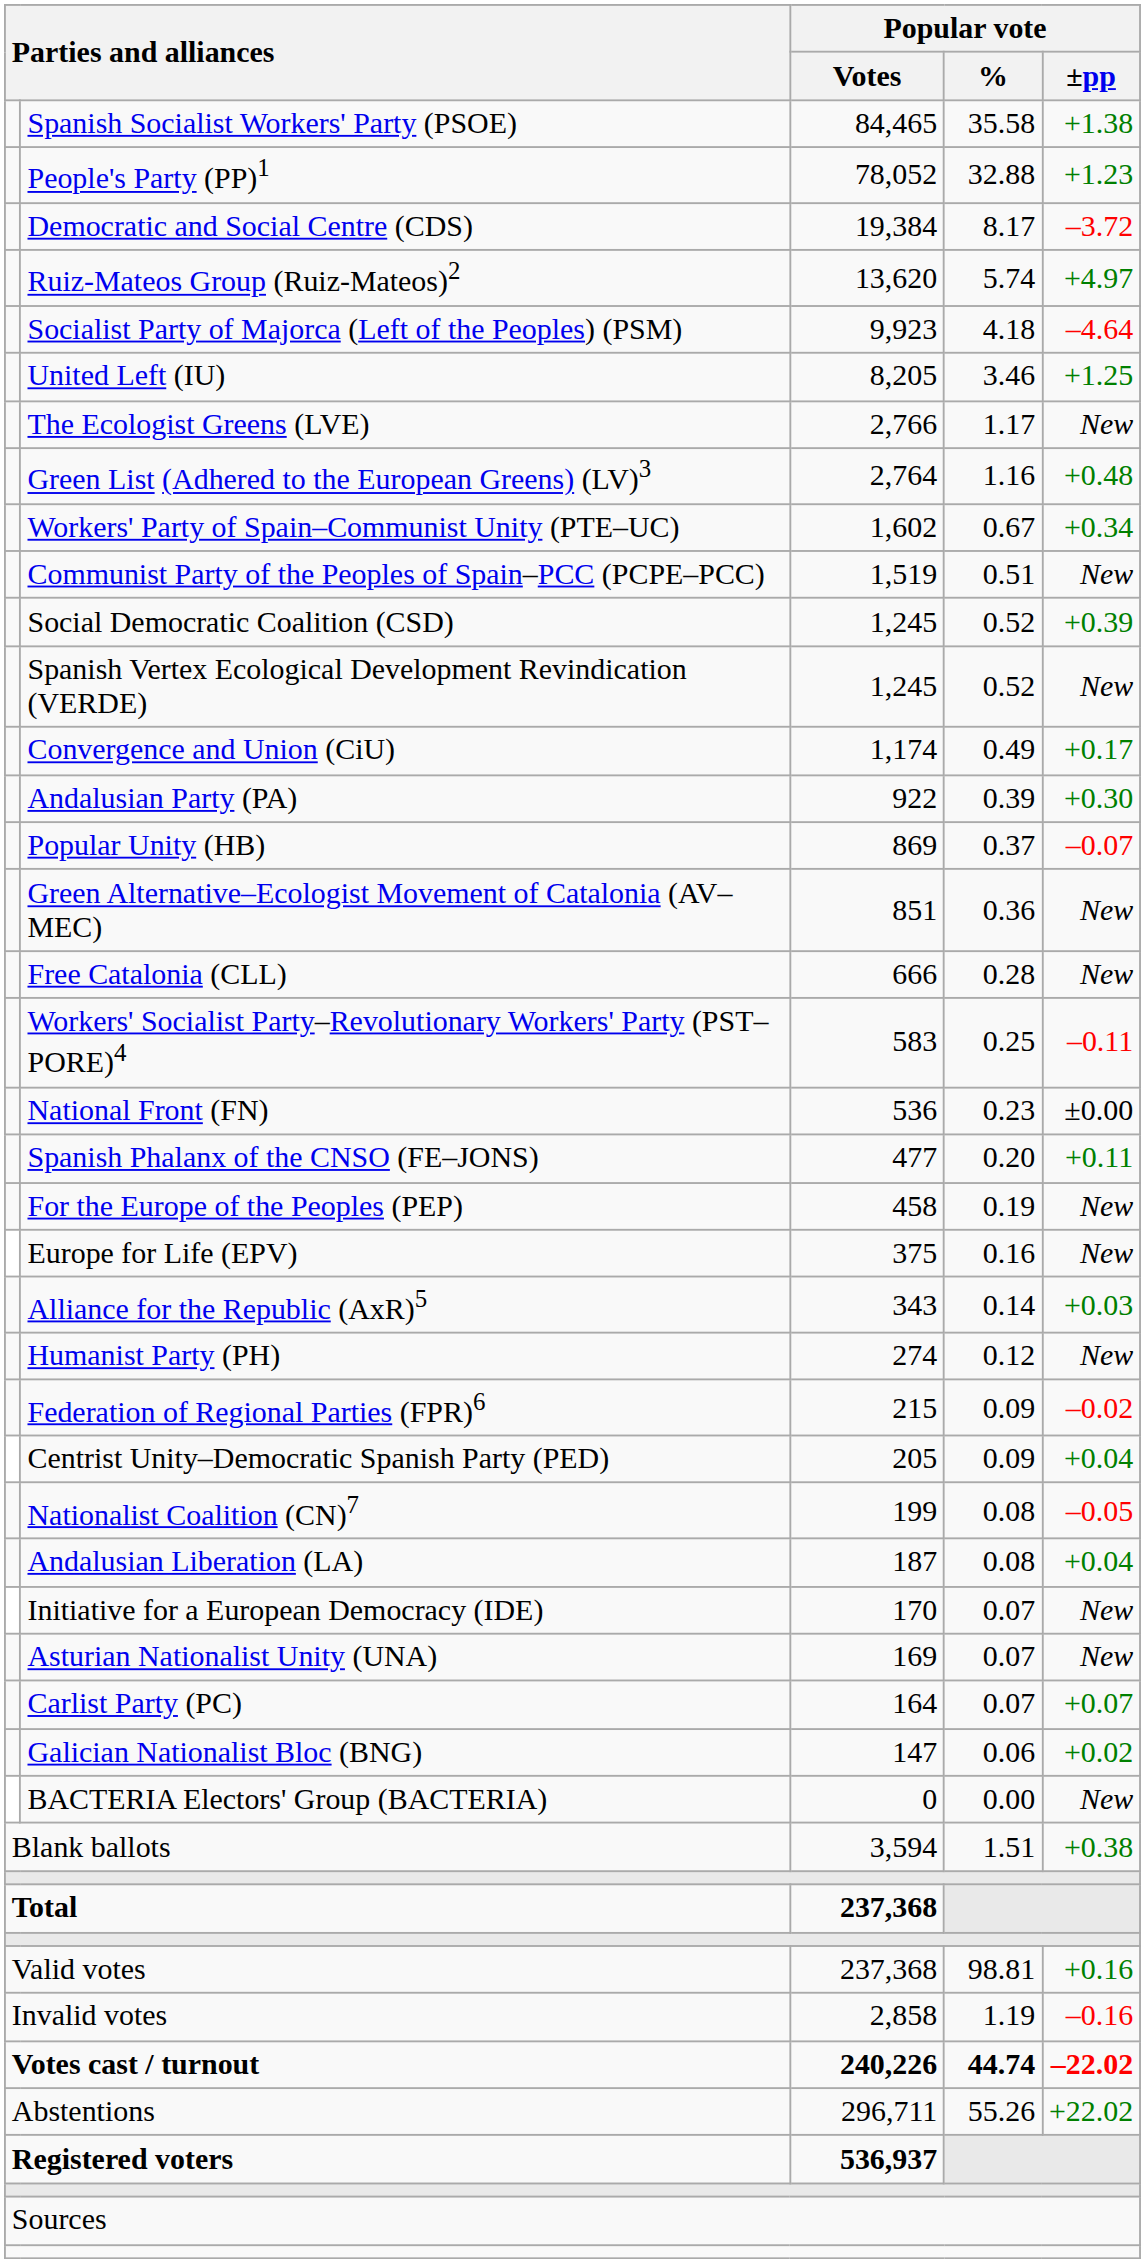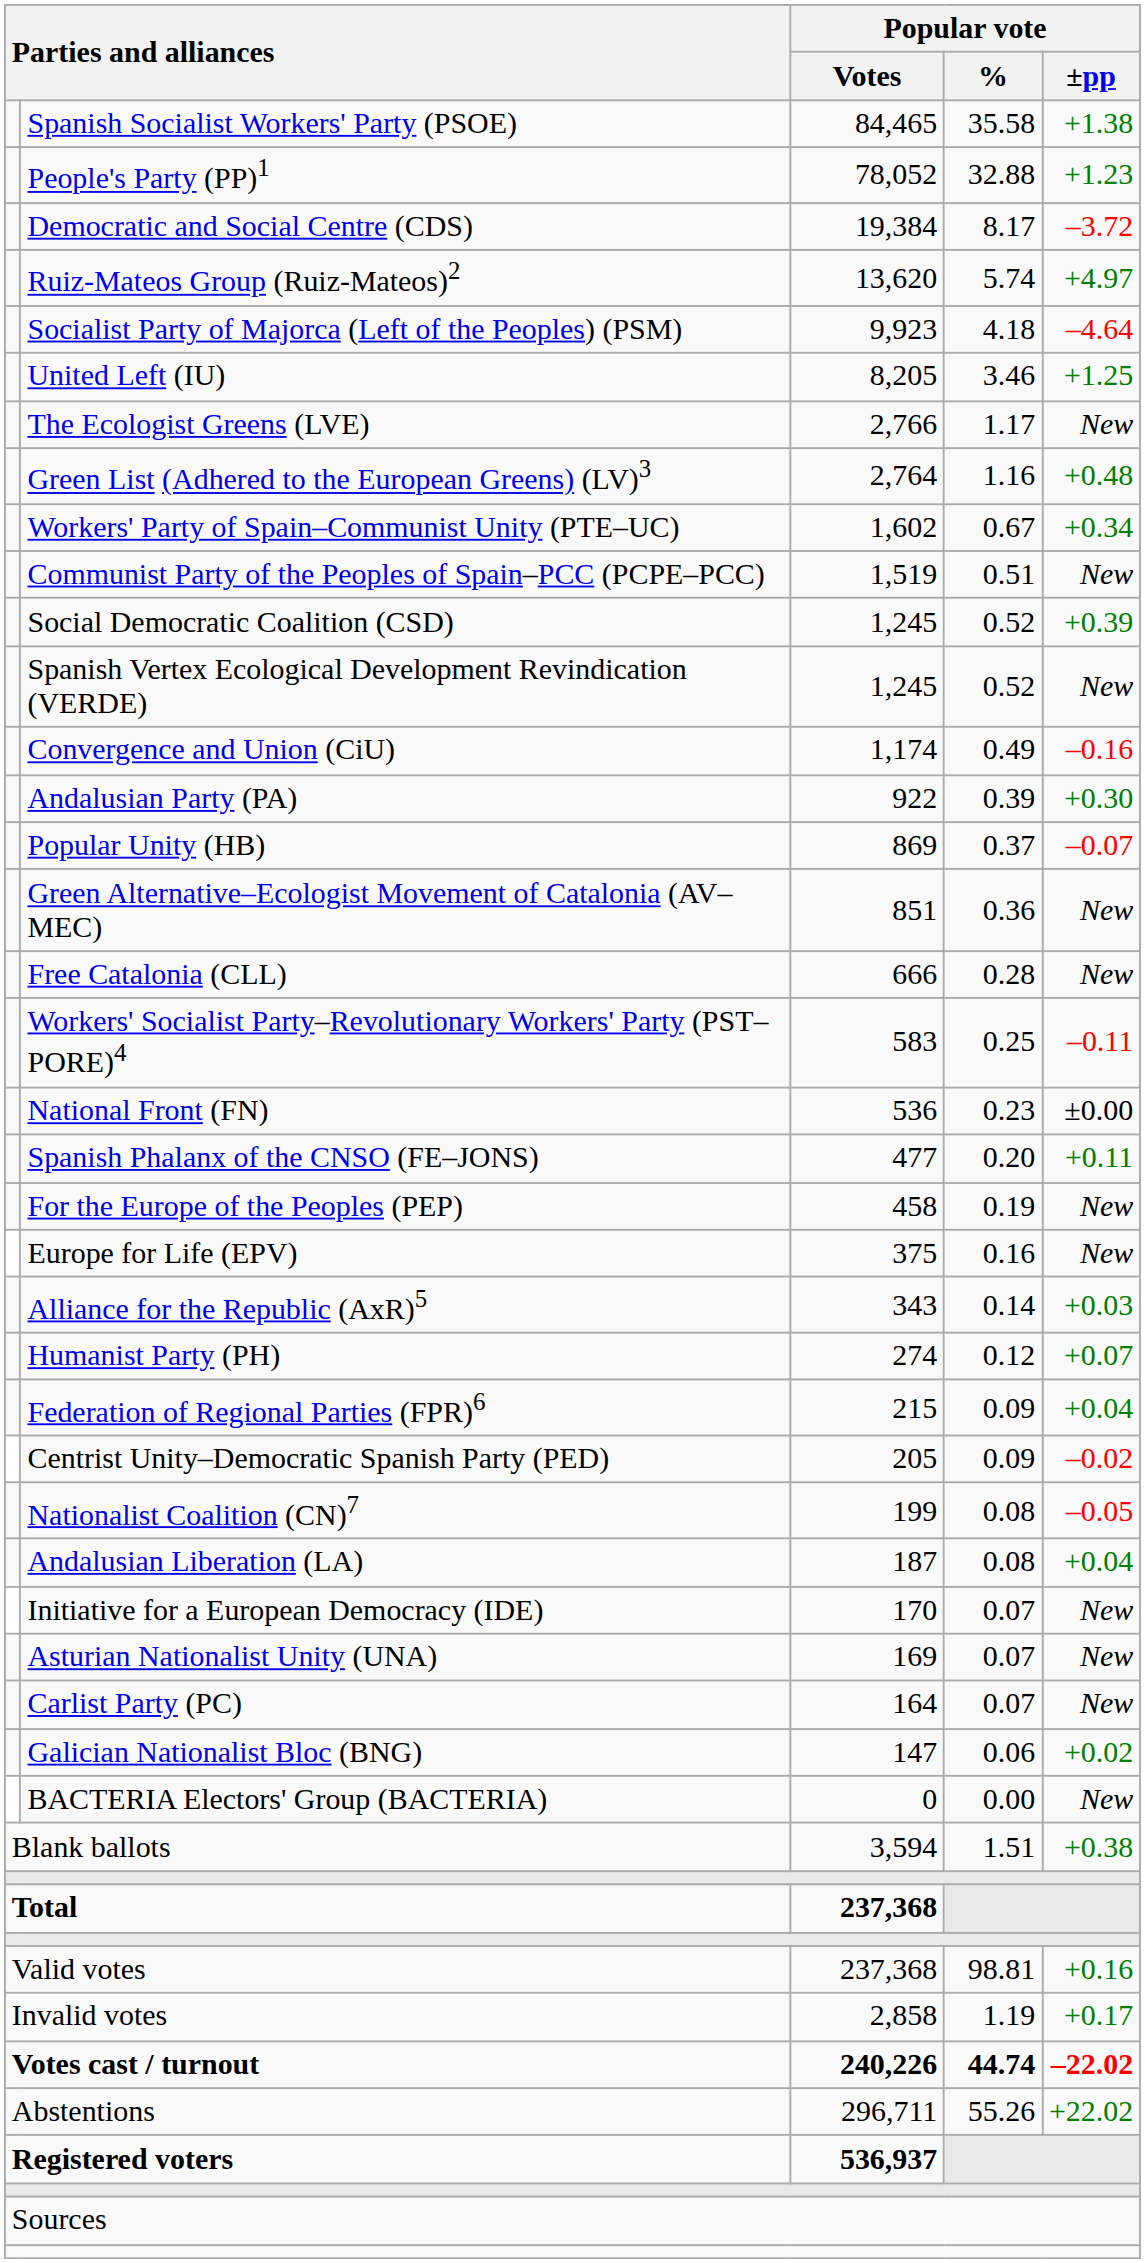 <table class="wikitable" style="text-align:right">
 <tr>
 <th style="text-align:left;" rowspan="2" colspan="2" width="525">Parties and alliances</th>
 <th colspan="3">Popular vote</th>
 </tr>
 <tr>
 <th width="75">Votes</th>
 <th width="45">%</th>
 <th width="45">±<a href='#'>pp</a></th>
 </tr>
 <tr>
 <td width="1" style="color:inherit;background:"></td>
 <td align="left"><a href='#'>Spanish Socialist Workers' Party</a> (PSOE)</td>
 <td>84,465</td>
 <td>35.58</td>
 <td style="color:green;">+1.38</td>
 </tr>
 <tr>
 <td style="color:inherit;background:"></td>
 <td align="left"><a href='#'>People's Party</a> (PP)<sup>1</sup></td>
 <td>78,052</td>
 <td>32.88</td>
 <td style="color:green;">+1.23</td>
 </tr>
 <tr>
 <td style="color:inherit;background:"></td>
 <td align="left"><a href='#'>Democratic and Social Centre</a> (CDS)</td>
 <td>19,384</td>
 <td>8.17</td>
 <td style="color:red;">–3.72</td>
 </tr>
 <tr>
 <td style="color:inherit;background:"></td>
 <td align="left"><a href='#'>Ruiz-Mateos Group</a> (Ruiz-Mateos)<sup>2</sup></td>
 <td>13,620</td>
 <td>5.74</td>
 <td style="color:green;">+4.97</td>
 </tr>
 <tr>
 <td style="color:inherit;background:"></td>
 <td align="left"><a href='#'>Socialist Party of Majorca</a> (<a href='#'>Left of the Peoples</a>) (PSM)</td>
 <td>9,923</td>
 <td>4.18</td>
 <td style="color:red;">–4.64</td>
 </tr>
 <tr>
 <td style="color:inherit;background:"></td>
 <td align="left"><a href='#'>United Left</a> (IU)</td>
 <td>8,205</td>
 <td>3.46</td>
 <td style="color:green;">+1.25</td>
 </tr>
 <tr>
 <td style="color:inherit;background:"></td>
 <td align="left"><a href='#'>The Ecologist Greens</a> (LVE)</td>
 <td>2,766</td>
 <td>1.17</td>
 <td><em>New</em></td>
 </tr>
 <tr>
 <td style="color:inherit;background:"></td>
 <td align="left"><a href='#'>Green List</a> <a href='#'>(Adhered to the European Greens)</a> (LV)<sup>3</sup></td>
 <td>2,764</td>
 <td>1.16</td>
 <td style="color:green;">+0.48</td>
 </tr>
 <tr>
 <td style="color:inherit;background:"></td>
 <td align="left"><a href='#'>Workers' Party of Spain–Communist Unity</a> (PTE–UC)</td>
 <td>1,602</td>
 <td>0.67</td>
 <td style="color:green;">+0.34</td>
 </tr>
 <tr>
 <td style="color:inherit;background:"></td>
 <td align="left"><a href='#'>Communist Party of the Peoples of Spain</a>–<a href='#'>PCC</a> (PCPE–PCC)</td>
 <td>1,519</td>
 <td>0.51</td>
 <td><em>New</em></td>
 </tr>
 <tr>
 <td style="color:inherit;background:"></td>
 <td align="left">Social Democratic Coalition (CSD)</td>
 <td>1,245</td>
 <td>0.52</td>
 <td style="color:green;">+0.39</td>
 </tr>
 <tr>
 <td style="color:inherit;background:"></td>
 <td align="left">Spanish Vertex Ecological Development Revindication (VERDE)</td>
 <td>1,245</td>
 <td>0.52</td>
 <td><em>New</em></td>
 </tr>
 <tr>
 <td style="color:inherit;background:"></td>
 <td align="left"><a href='#'>Convergence and Union</a> (CiU)</td>
 <td>1,174</td>
 <td>0.49</td>
-<td style="color:green;">+0.17</td>
+<td style="color:red;">–0.16</td>
 </tr>
 <tr>
 <td style="color:inherit;background:"></td>
 <td align="left"><a href='#'>Andalusian Party</a> (PA)</td>
 <td>922</td>
 <td>0.39</td>
 <td style="color:green;">+0.30</td>
 </tr>
 <tr>
 <td style="color:inherit;background:"></td>
 <td align="left"><a href='#'>Popular Unity</a> (HB)</td>
 <td>869</td>
 <td>0.37</td>
 <td style="color:red;">–0.07</td>
 </tr>
 <tr>
 <td style="color:inherit;background:"></td>
 <td align="left"><a href='#'>Green Alternative–Ecologist Movement of Catalonia</a> (AV–MEC)</td>
 <td>851</td>
 <td>0.36</td>
 <td><em>New</em></td>
 </tr>
 <tr>
 <td style="color:inherit;background:"></td>
 <td align="left"><a href='#'>Free Catalonia</a> (CLL)</td>
 <td>666</td>
 <td>0.28</td>
 <td><em>New</em></td>
 </tr>
 <tr>
 <td style="color:inherit;background:"></td>
 <td align="left"><a href='#'>Workers' Socialist Party</a>–<a href='#'>Revolutionary Workers' Party</a> (PST–PORE)<sup>4</sup></td>
 <td>583</td>
 <td>0.25</td>
 <td style="color:red;">–0.11</td>
 </tr>
 <tr>
 <td style="color:inherit;background:"></td>
 <td align="left"><a href='#'>National Front</a> (FN)</td>
 <td>536</td>
 <td>0.23</td>
 <td>±0.00</td>
 </tr>
 <tr>
 <td style="color:inherit;background:"></td>
 <td align="left"><a href='#'>Spanish Phalanx of the CNSO</a> (FE–JONS)</td>
 <td>477</td>
 <td>0.20</td>
 <td style="color:green;">+0.11</td>
 </tr>
 <tr>
 <td style="color:inherit;background:"></td>
 <td align="left"><a href='#'>For the Europe of the Peoples</a> (PEP)</td>
 <td>458</td>
 <td>0.19</td>
 <td><em>New</em></td>
 </tr>
 <tr>
 <td bgcolor="white"></td>
 <td align="left">Europe for Life (EPV)</td>
 <td>375</td>
 <td>0.16</td>
 <td><em>New</em></td>
 </tr>
 <tr>
 <td style="color:inherit;background:"></td>
 <td align="left"><a href='#'>Alliance for the Republic</a> (AxR)<sup>5</sup></td>
 <td>343</td>
 <td>0.14</td>
 <td style="color:green;">+0.03</td>
 </tr>
 <tr>
 <td style="color:inherit;background:"></td>
 <td align="left"><a href='#'>Humanist Party</a> (PH)</td>
 <td>274</td>
 <td>0.12</td>
-<td><em>New</em></td>
+<td style="color:green;">+0.07</td>
 </tr>
 <tr>
 <td style="color:inherit;background:"></td>
 <td align="left"><a href='#'>Federation of Regional Parties</a> (FPR)<sup>6</sup></td>
 <td>215</td>
 <td>0.09</td>
-<td style="color:red;">–0.02</td>
+<td style="color:green;">+0.04</td>
 </tr>
 <tr>
 <td bgcolor="white"></td>
 <td align="left">Centrist Unity–Democratic Spanish Party (PED)</td>
 <td>205</td>
 <td>0.09</td>
-<td style="color:green;">+0.04</td>
+<td style="color:red;">–0.02</td>
 </tr>
 <tr>
 <td style="color:inherit;background:"></td>
 <td align="left"><a href='#'>Nationalist Coalition</a> (CN)<sup>7</sup></td>
 <td>199</td>
 <td>0.08</td>
 <td style="color:red;">–0.05</td>
 </tr>
 <tr>
 <td style="color:inherit;background:"></td>
 <td align="left"><a href='#'>Andalusian Liberation</a> (LA)</td>
 <td>187</td>
 <td>0.08</td>
 <td style="color:green;">+0.04</td>
 </tr>
 <tr>
 <td bgcolor="white"></td>
 <td align="left">Initiative for a European Democracy (IDE)</td>
 <td>170</td>
 <td>0.07</td>
 <td><em>New</em></td>
 </tr>
 <tr>
 <td style="color:inherit;background:"></td>
 <td align="left"><a href='#'>Asturian Nationalist Unity</a> (UNA)</td>
 <td>169</td>
 <td>0.07</td>
 <td><em>New</em></td>
 </tr>
 <tr>
 <td style="color:inherit;background:"></td>
 <td align="left"><a href='#'>Carlist Party</a> (PC)</td>
 <td>164</td>
 <td>0.07</td>
-<td style="color:green;">+0.07</td>
+<td><em>New</em></td>
 </tr>
 <tr>
 <td style="color:inherit;background:"></td>
 <td align="left"><a href='#'>Galician Nationalist Bloc</a> (BNG)</td>
 <td>147</td>
 <td>0.06</td>
 <td style="color:green;">+0.02</td>
 </tr>
 <tr>
 <td bgcolor="white"></td>
 <td align="left">BACTERIA Electors' Group (BACTERIA)</td>
 <td>0</td>
 <td>0.00</td>
 <td><em>New</em></td>
 </tr>
 <tr>
 <td align="left" colspan="2">Blank ballots</td>
 <td>3,594</td>
 <td>1.51</td>
 <td style="color:green;">+0.38</td>
 </tr>
 <tr>
 <td colspan="5" bgcolor="#E9E9E9"></td>
 </tr>
 <tr style="font-weight:bold;">
 <td align="left" colspan="2">Total</td>
 <td>237,368</td>
 <td bgcolor="#E9E9E9" colspan="2"></td>
 </tr>
 <tr>
 <td colspan="5" bgcolor="#E9E9E9"></td>
 </tr>
 <tr>
 <td align="left" colspan="2">Valid votes</td>
 <td>237,368</td>
 <td>98.81</td>
 <td style="color:green;">+0.16</td>
 </tr>
 <tr>
 <td align="left" colspan="2">Invalid votes</td>
 <td>2,858</td>
 <td>1.19</td>
-<td style="color:red;">–0.16</td>
+<td style="color:green;">+0.17</td>
 </tr>
 <tr style="font-weight:bold;">
 <td align="left" colspan="2">Votes cast / turnout</td>
 <td>240,226</td>
 <td>44.74</td>
 <td style="color:red;">–22.02</td>
 </tr>
 <tr>
 <td align="left" colspan="2">Abstentions</td>
 <td>296,711</td>
 <td>55.26</td>
 <td style="color:green;">+22.02</td>
 </tr>
 <tr style="font-weight:bold;">
 <td align="left" colspan="2">Registered voters</td>
 <td>536,937</td>
 <td bgcolor="#E9E9E9" colspan="2"></td>
 </tr>
 <tr>
 <td colspan="5" bgcolor="#E9E9E9"></td>
 </tr>
 <tr>
 <td align="left" colspan="5">Sources</td>
 </tr>
 <tr>
 <td colspan="5" style="text-align:left; max-width:680px;"></td>
 </tr>
 </table>
